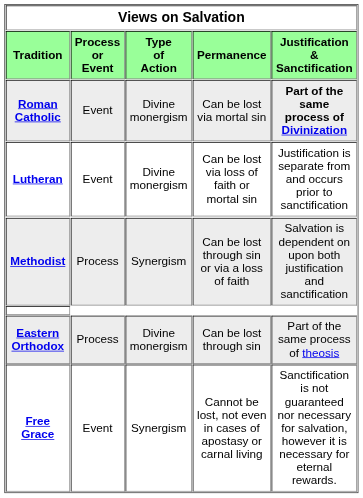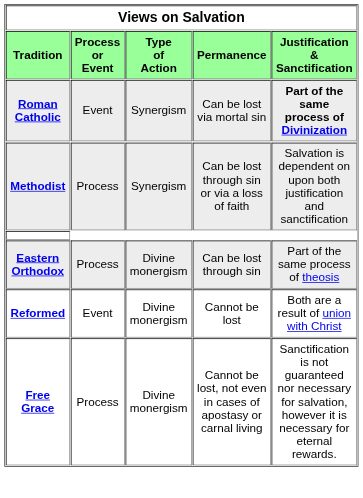 <table border="2" cellpadding="5" cellspacing="1" style="width: 220px; margin-bottom: 1em; text-align: center; border: 1px solid #333333; font-family: Arial; margin: 0 10px 0 10px; float: right">
 <tr>
 <th colspan="5"><big>Views on Salvation</big></th>
 </tr>
 <tr style="background-color: #99FF99">
 <td><strong>Tradition</strong></td>
 <td><strong>Process <br>or<br> Event</strong></td>
 <td><strong>Type <br>of<br> Action</strong></td>
 <td><strong>Permanence</strong></td>
 <td><strong>Justification <br>&<br> Sanctification</strong></td>
 </tr>
 <tr style="background-color: #EDEDED">
 <td><strong><a href='#'>Roman Catholic</a></strong></td>
 <td>Event</td>
-<td>Divine monergism</td>
+<td>Synergism</td>
 <td>Can be lost via mortal sin</td>
 <td><strong>Part of the same process of <a href='#'>Divinization</a></strong></td>
-</tr>
-<tr>
-<td><strong><a href='#'>Lutheran</a></strong></td>
-<td>Event</td>
-<td>Divine monergism</td>
-<td>Can be lost via loss of faith or mortal sin</td>
-<td>Justification is separate from and occurs prior to sanctification</td>
 </tr>
 <tr>
 </tr>
 <tr style="background-color: #EDEDED">
 <td><strong><a href='#'>Methodist</a></strong></td>
 <td>Process</td>
 <td>Synergism</td>
 <td>Can be lost through sin or via a loss of faith</td>
 <td>Salvation is dependent on upon both justification and sanctification</td>
 </tr>
 <tr>
 <td></td>
 </tr>
 <tr style="background-color: #EDEDED">
 <td><strong><a href='#'>Eastern Orthodox</a></strong></td>
 <td>Process</td>
 <td>Divine monergism</td>
 <td>Can be lost through sin</td>
 <td>Part of the same process of <a href='#'>theosis</a></td>
 </tr>
 <tr>
+<td><strong><a href='#'>Reformed</a></strong></td>
+<td>Event</td>
+<td>Divine monergism</td>
+<td>Cannot be lost</td>
+<td>Both are a result of <a href='#'>union with Christ</a></td>
+</tr>
+<tr>
 <td><a href='#'><strong>Free Grace</strong></a></td>
-<td>Event</td>
-<td>Synergism</td>
+<td>Process</td>
+<td>Divine monergism</td>
 <td>Cannot be lost, not even in cases of apostasy or carnal living</td>
 <td>Sanctification is not guaranteed nor necessary for salvation, however it is necessary for eternal rewards.</td>
 </tr>
 </table>
